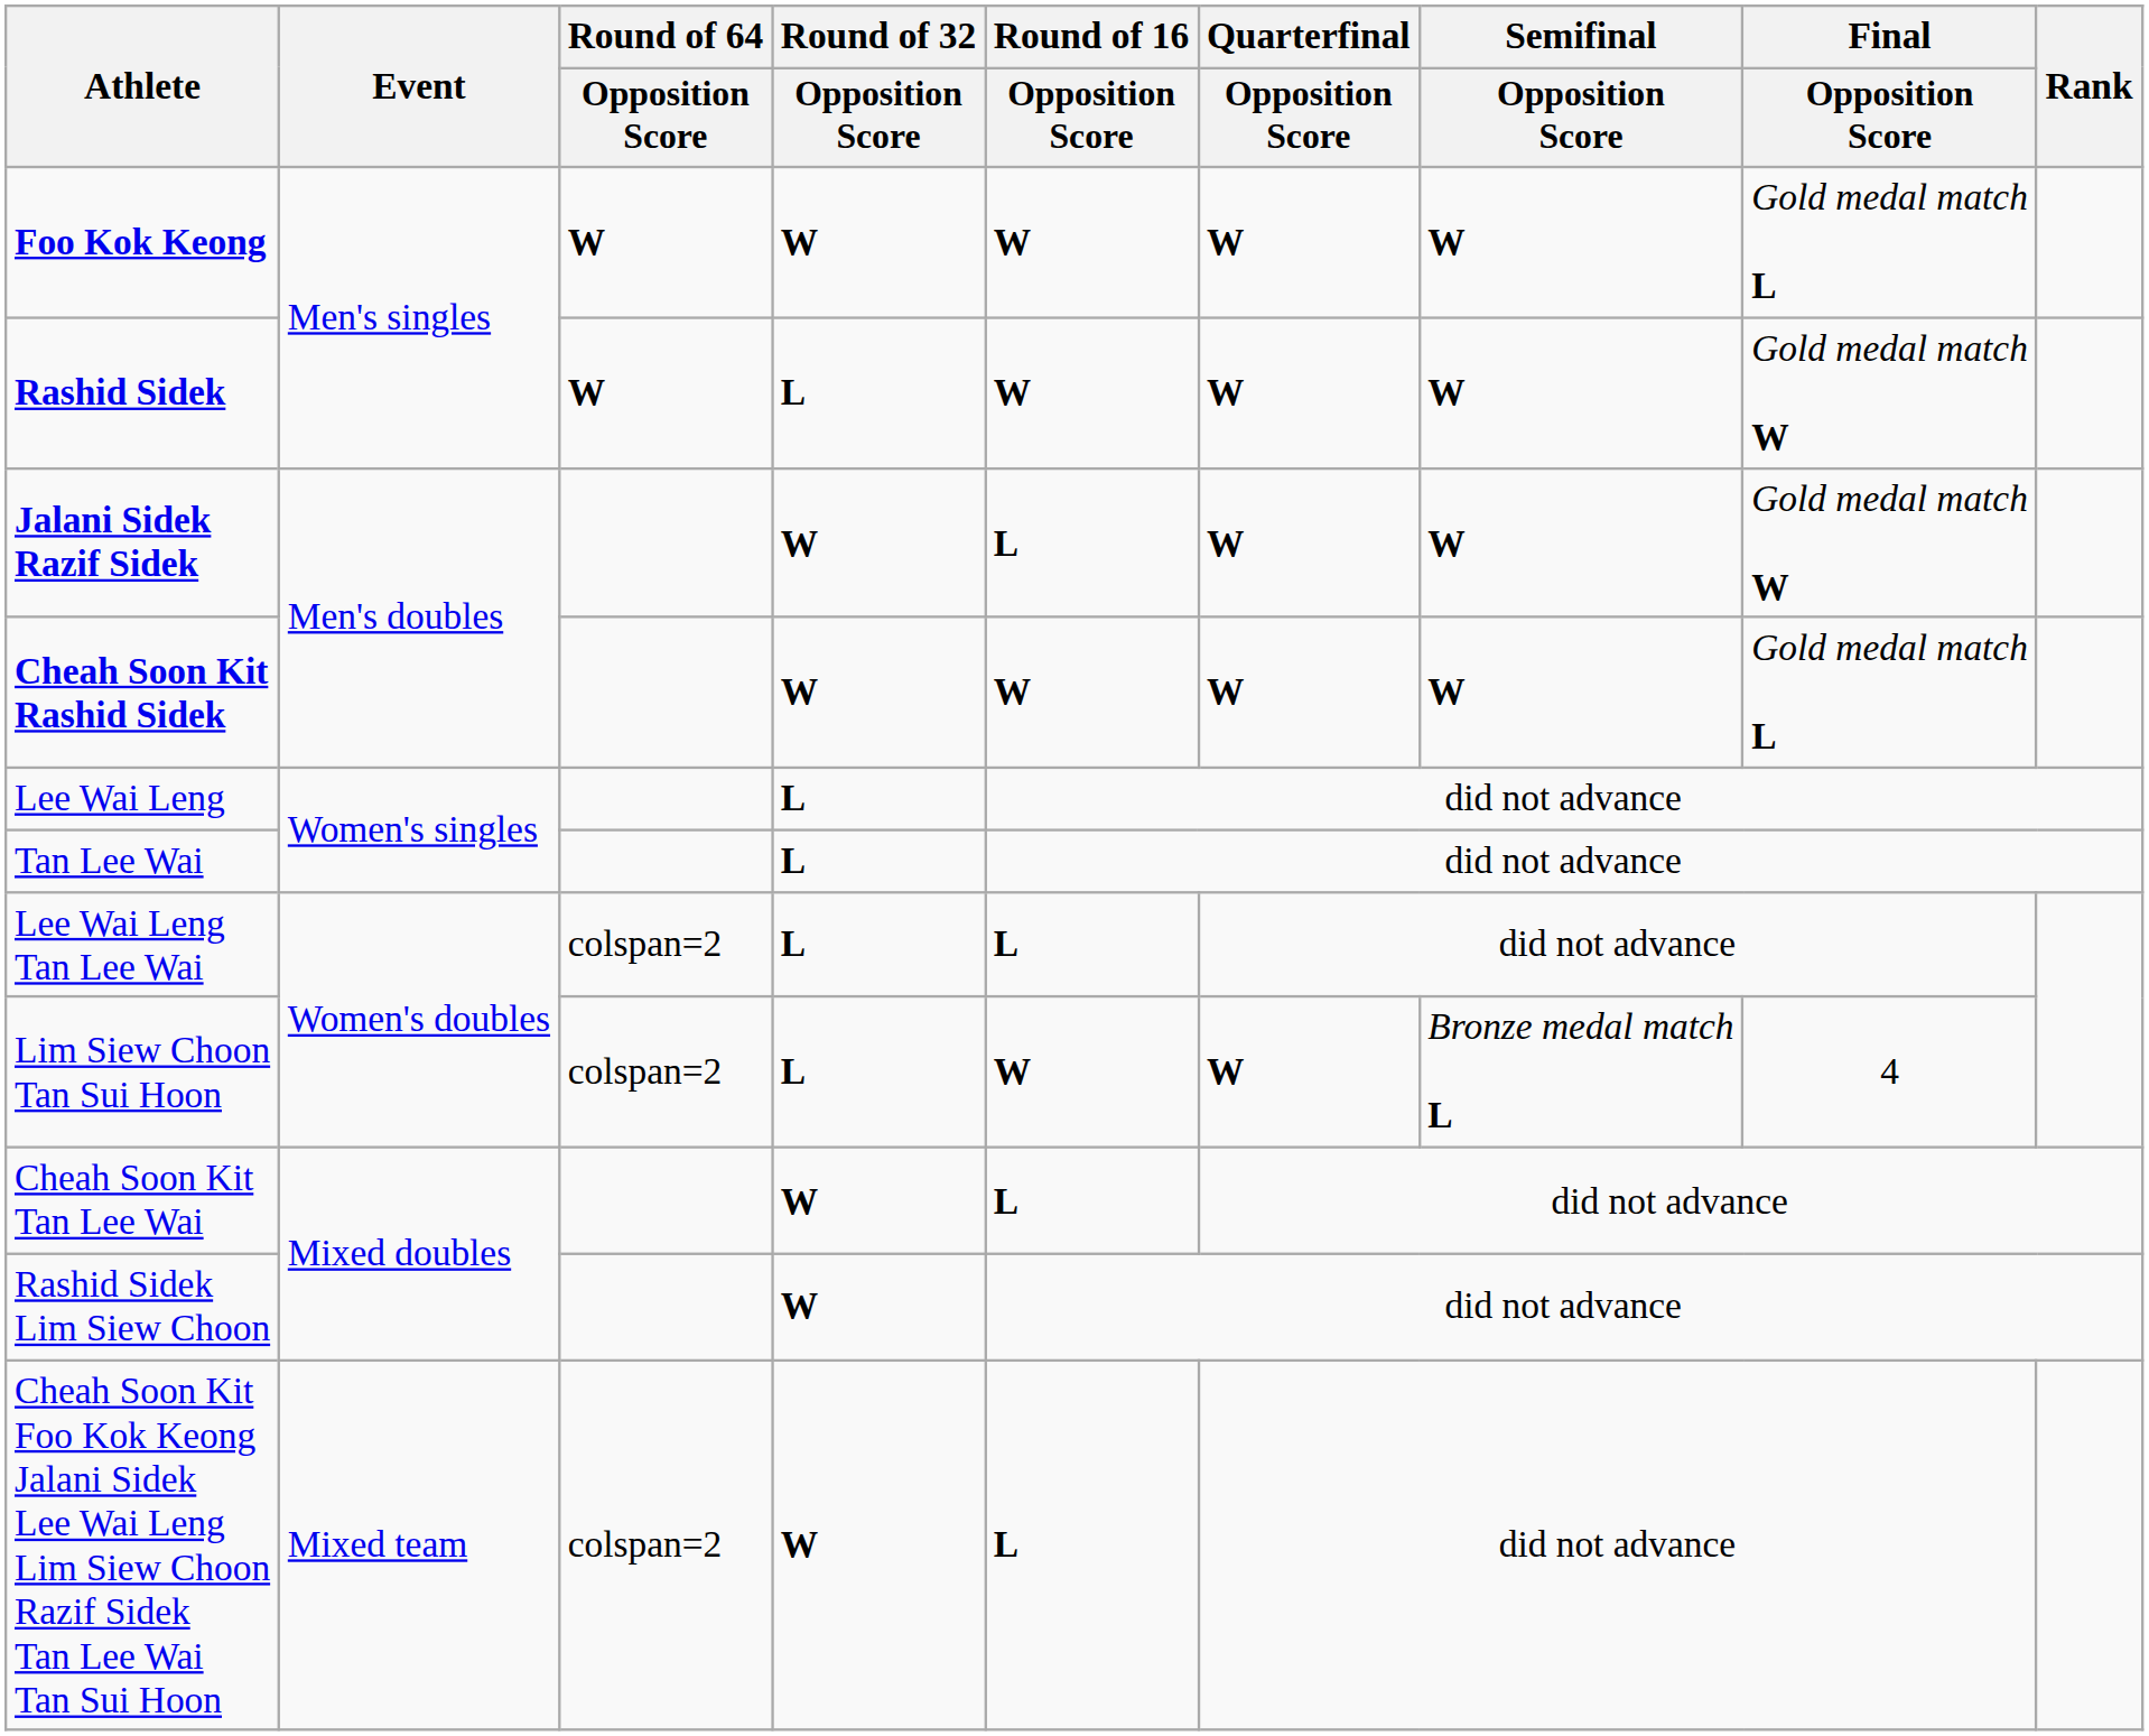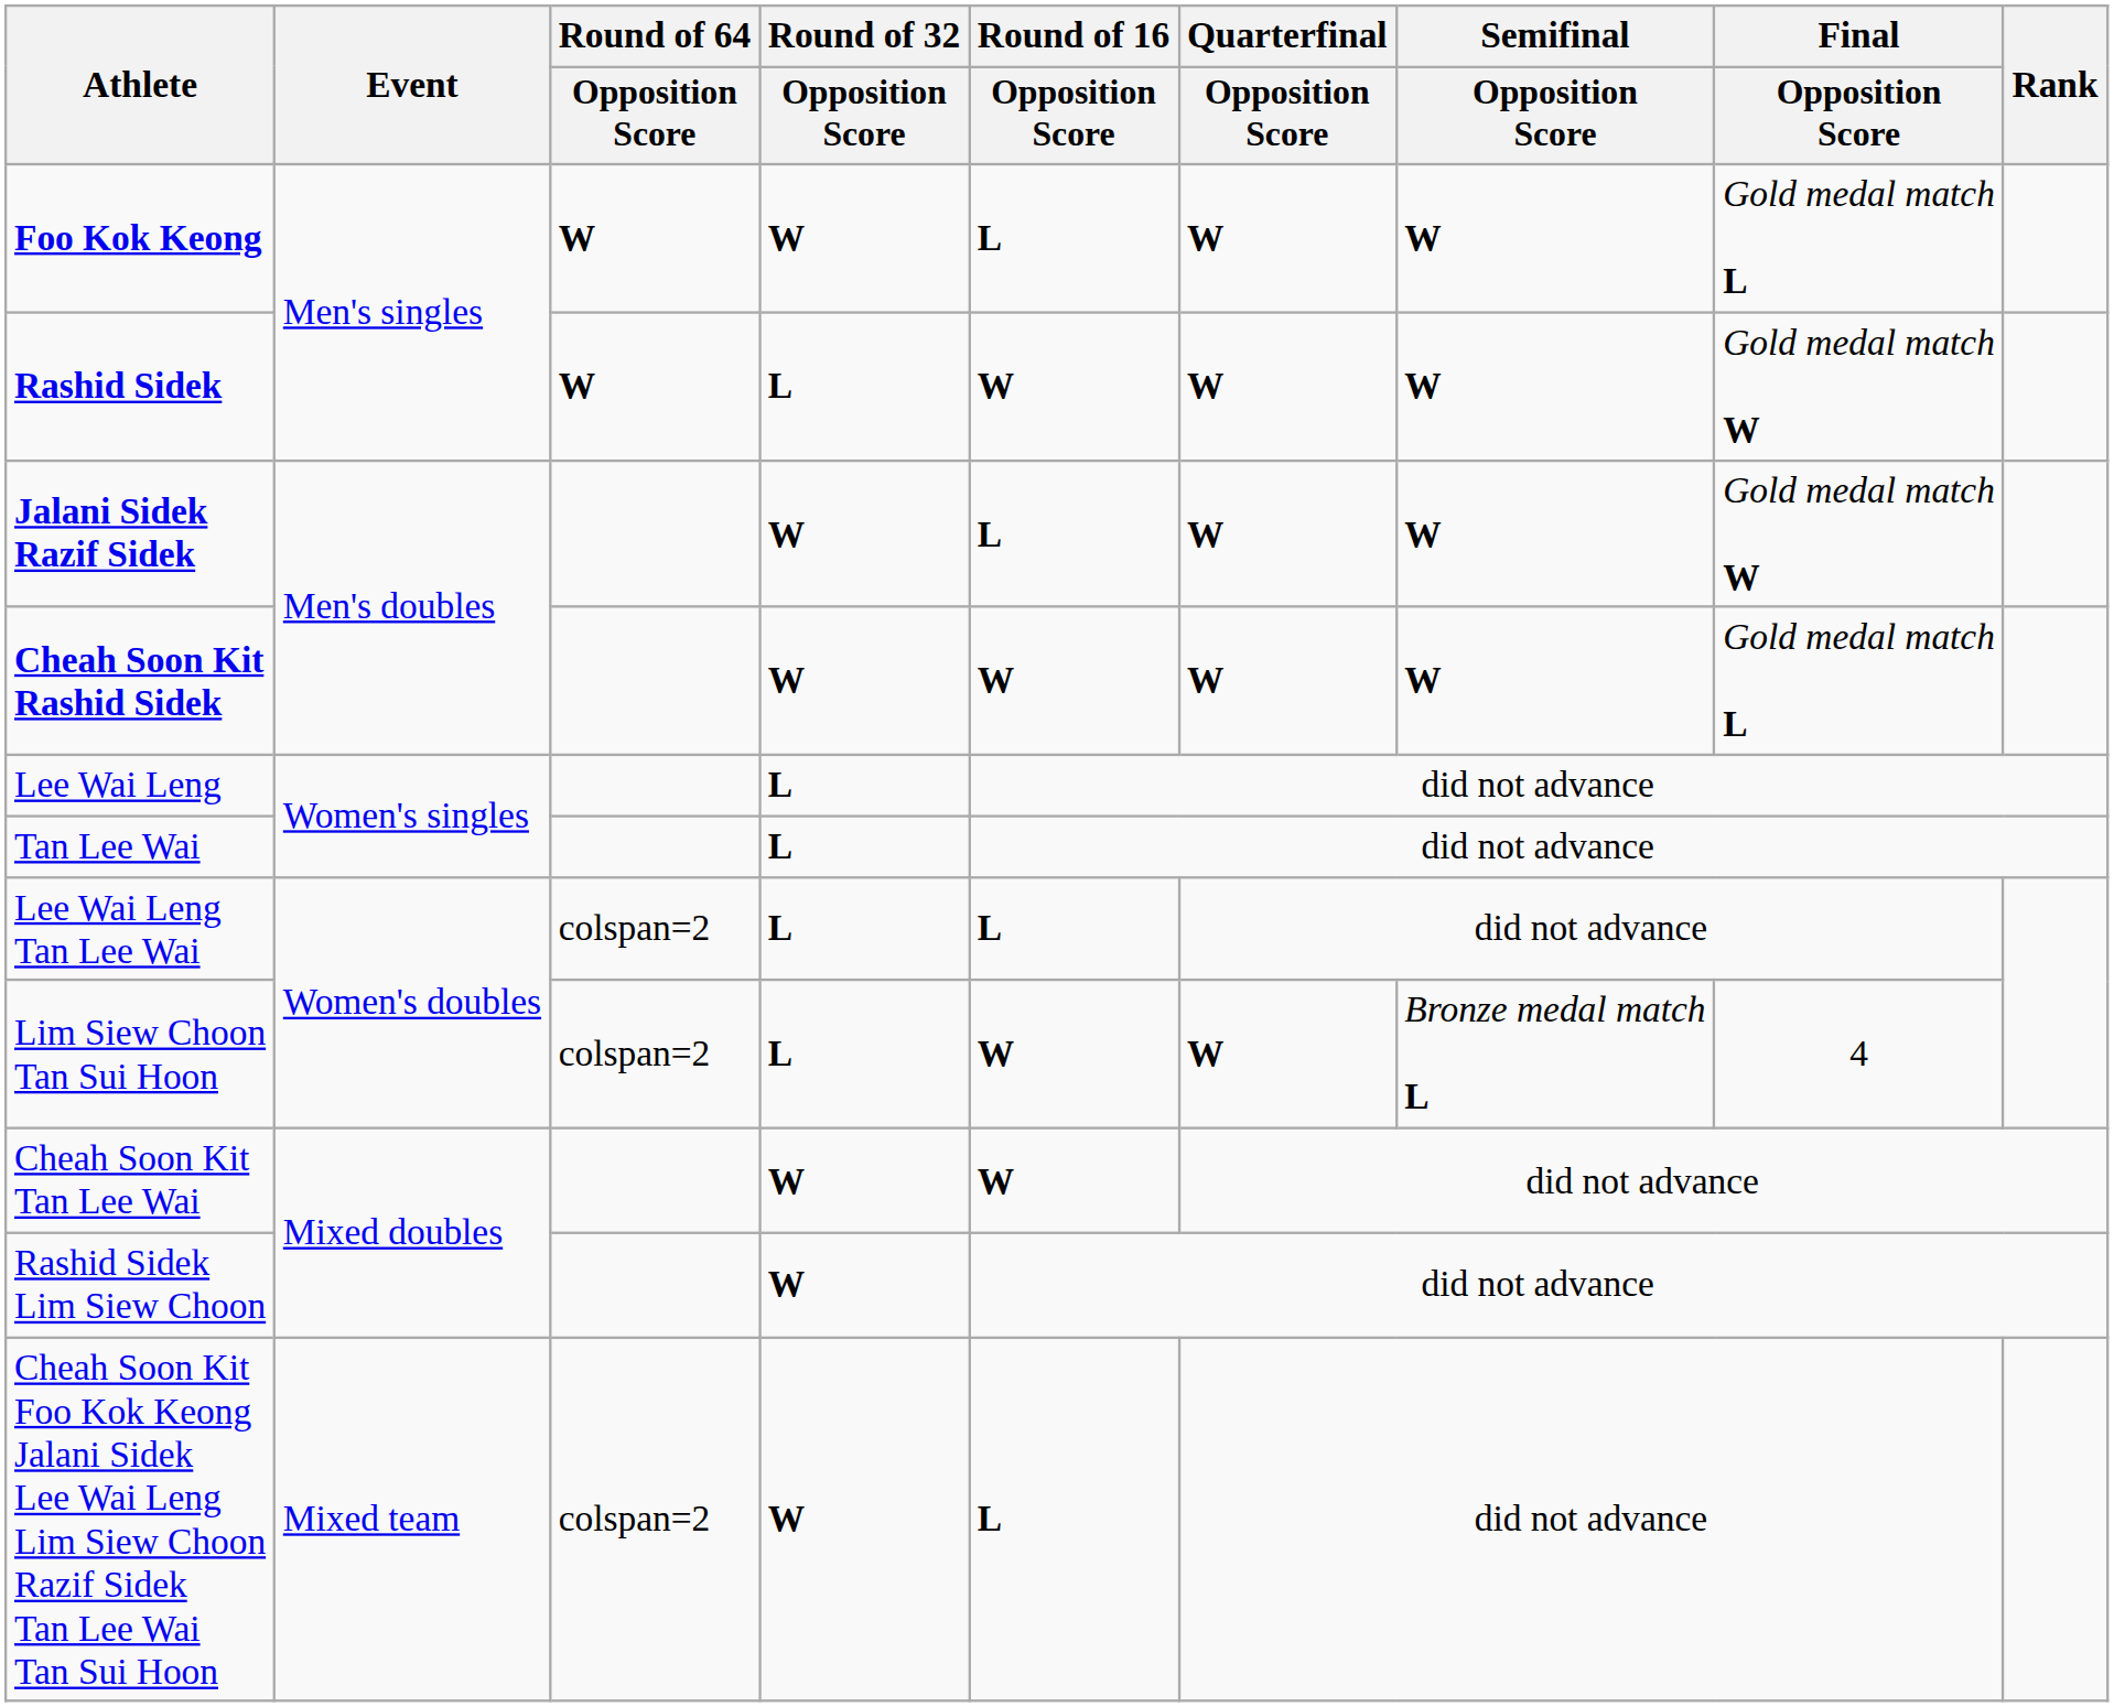 <table class="wikitable" style="font-size:90%">
 <tr>
 <th rowspan=2>Athlete</th>
 <th rowspan=2>Event</th>
 <th>Round of 64</th>
 <th>Round of 32</th>
 <th>Round of 16</th>
 <th>Quarterfinal</th>
 <th>Semifinal</th>
 <th>Final</th>
 <th rowspan=2>Rank</th>
 </tr>
 <tr style="font-size:95%">
 <th>Opposition<br>Score</th>
 <th>Opposition<br>Score</th>
 <th>Opposition<br>Score</th>
 <th>Opposition<br>Score</th>
 <th>Opposition<br>Score</th>
 <th>Opposition<br>Score</th>
 </tr>
 <tr>
 <td><strong><a href='#'>Foo Kok Keong</a></strong></td>
 <td rowspan=2><a href='#'>Men's singles</a></td>
 <td><strong>W</strong></td>
 <td><strong>W</strong></td>
-<td><strong>W</strong></td>
+<td><strong>L</strong></td>
 <td><strong>W</strong></td>
 <td><strong>W</strong></td>
 <td><em>Gold medal match</em><br><br><strong>L</strong></td>
 <td align=center></td>
 </tr>
 <tr>
 <td><strong><a href='#'>Rashid Sidek</a></strong></td>
 <td><strong>W</strong></td>
 <td><strong>L</strong></td>
 <td><strong>W</strong></td>
 <td><strong>W</strong></td>
 <td><strong>W</strong></td>
 <td><em>Gold medal match</em><br><br><strong>W</strong></td>
 <td align=center></td>
 </tr>
 <tr>
 <td><strong><a href='#'>Jalani Sidek</a><br><a href='#'>Razif Sidek</a></strong></td>
 <td rowspan=2><a href='#'>Men's doubles</a></td>
 <td></td>
 <td><strong>W</strong></td>
 <td><strong>L</strong></td>
 <td><strong>W</strong></td>
 <td><strong>W</strong></td>
 <td><em>Gold medal match</em><br><br><strong>W</strong></td>
 <td align=center></td>
 </tr>
 <tr>
 <td><strong><a href='#'>Cheah Soon Kit</a><br><a href='#'>Rashid Sidek</a></strong></td>
 <td></td>
 <td><strong>W</strong></td>
 <td><strong>W</strong></td>
 <td><strong>W</strong></td>
 <td><strong>W</strong></td>
 <td><em>Gold medal match</em><br><br><strong>L</strong></td>
 <td align=center></td>
 </tr>
 <tr>
 <td><a href='#'>Lee Wai Leng</a></td>
 <td rowspan=2><a href='#'>Women's singles</a></td>
 <td></td>
 <td><strong>L</strong></td>
 <td align=center colspan=5>did not advance</td>
 </tr>
 <tr>
 <td><a href='#'>Tan Lee Wai</a></td>
 <td></td>
 <td><strong>L</strong></td>
 <td align=center colspan=5>did not advance</td>
 </tr>
 <tr>
 <td><a href='#'>Lee Wai Leng</a><br><a href='#'>Tan Lee Wai</a></td>
 <td rowspan=2><a href='#'>Women's doubles</a></td>
 <td>colspan=2 </td>
 <td><strong>L</strong></td>
 <td><strong>L</strong></td>
 <td align=center colspan=3>did not advance</td>
 </tr>
 <tr>
 <td><a href='#'>Lim Siew Choon</a><br><a href='#'>Tan Sui Hoon</a></td>
 <td>colspan=2 </td>
 <td><strong>L</strong></td>
 <td><strong>W</strong></td>
 <td><strong>W</strong></td>
 <td><em>Bronze medal match</em><br><br><strong>L</strong></td>
 <td align=center>4</td>
 </tr>
 <tr>
 <td><a href='#'>Cheah Soon Kit</a><br><a href='#'>Tan Lee Wai</a></td>
 <td rowspan=2><a href='#'>Mixed doubles</a></td>
 <td></td>
 <td><strong>W</strong></td>
-<td><strong>L</strong></td>
+<td><strong>W</strong></td>
 <td align=center colspan=4>did not advance</td>
 </tr>
 <tr>
 <td><a href='#'>Rashid Sidek</a><br><a href='#'>Lim Siew Choon</a></td>
 <td></td>
 <td><strong>W</strong></td>
 <td align=center colspan=5>did not advance</td>
 </tr>
 <tr>
 <td><a href='#'>Cheah Soon Kit</a><br><a href='#'>Foo Kok Keong</a><br><a href='#'>Jalani Sidek</a><br><a href='#'>Lee Wai Leng</a><br><a href='#'>Lim Siew Choon</a><br><a href='#'>Razif Sidek</a><br><a href='#'>Tan Lee Wai</a><br><a href='#'>Tan Sui Hoon</a></td>
 <td rowspan=2><a href='#'>Mixed team</a></td>
 <td>colspan=2 </td>
 <td><strong>W</strong></td>
 <td><strong>L</strong></td>
 <td align=center colspan=3>did not advance</td>
 </tr>
 </table>
